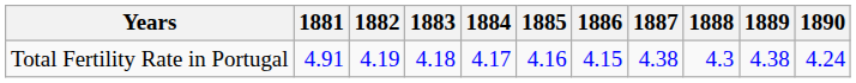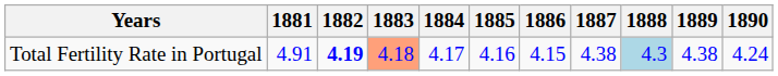 <table class="wikitable " style="text-align:right">
 <tr>
 <th>Years</th>
 <th>1881</th>
 <th>1882</th>
 <th>1883</th>
 <th>1884</th>
 <th>1885</th>
 <th>1886</th>
 <th>1887</th>
 <th>1888</th>
 <th>1889</th>
 <th>1890</th>
 </tr>
 <tr>
 <td align="left">Total Fertility Rate in Portugal</td>
 <td style="text-align:right; color:blue;">4.91</td>
-<td style="text-align:right; color:blue;">4.19</td>
-<td style="text-align:right; color:blue;">4.18</td>
+<td style="text-align:right; color:blue;"><strong>4.19</strong></td>
+<td style="background: lightsalmon; text-align:right; color:blue;">4.18</td>
 <td style="text-align:right; color:blue;">4.17</td>
 <td style="text-align:right; color:blue;">4.16</td>
 <td style="text-align:right; color:blue;">4.15</td>
 <td style="text-align:right; color:blue;">4.38</td>
-<td style="text-align:right; color:blue;">4.3</td>
+<td style="background: lightblue; text-align:right; color:blue;">4.3</td>
 <td style="text-align:right; color:blue;">4.38</td>
 <td style="text-align:right; color:blue;">4.24</td>
 </tr>
 </table>
